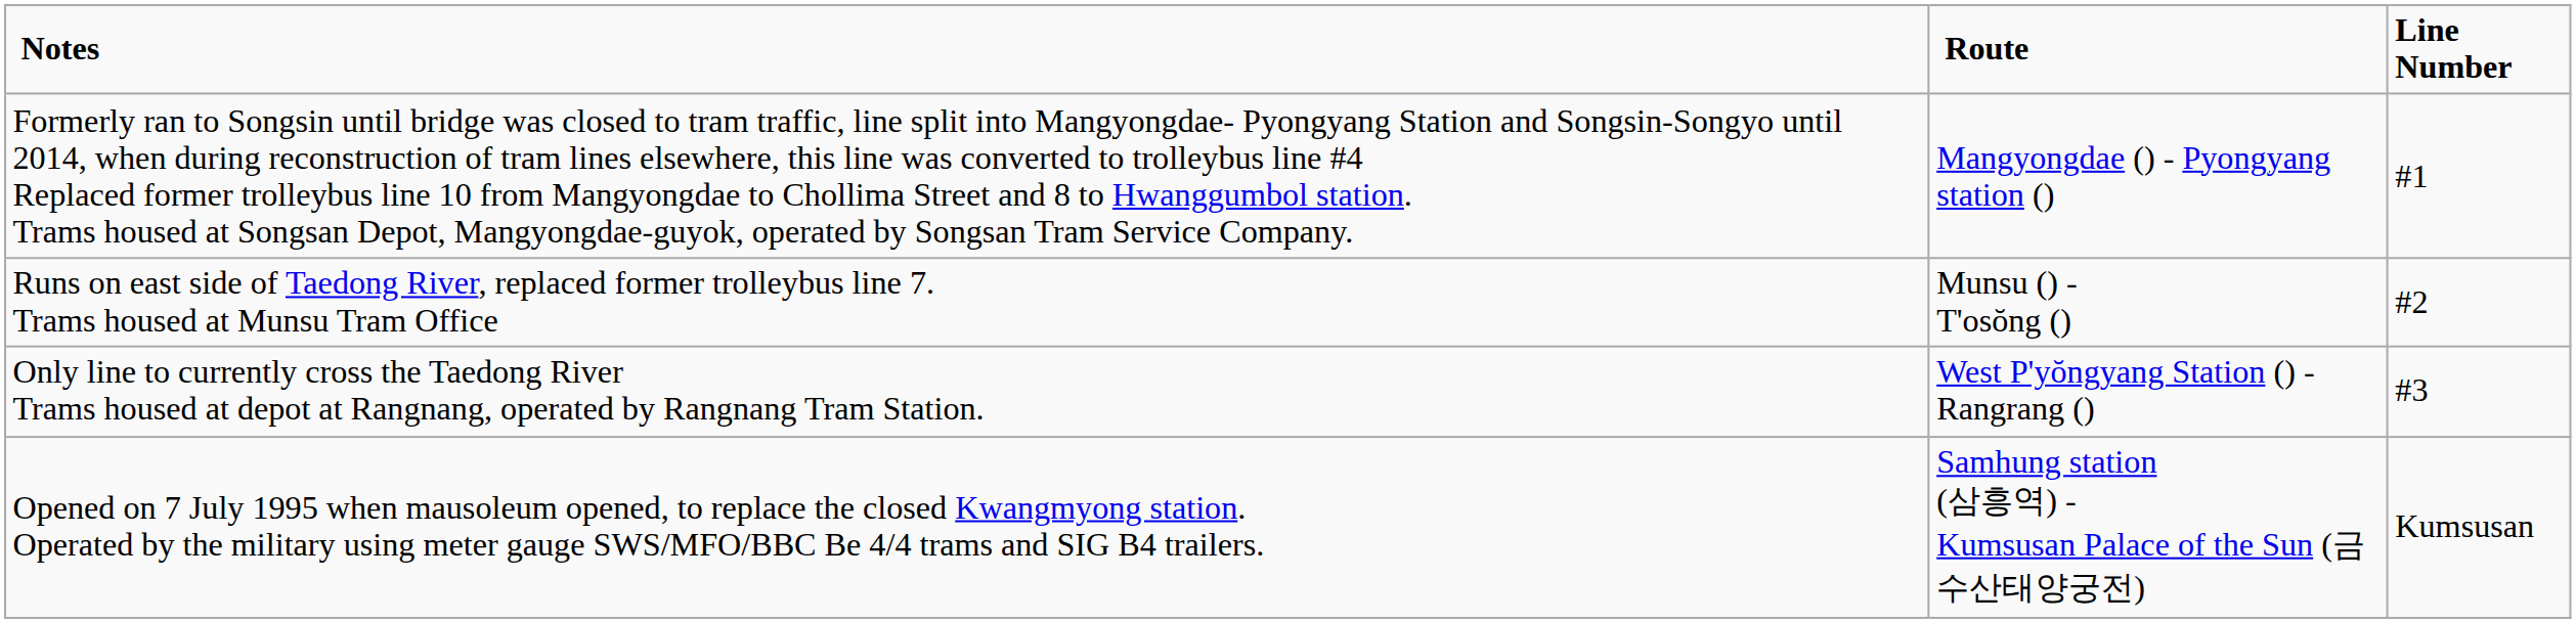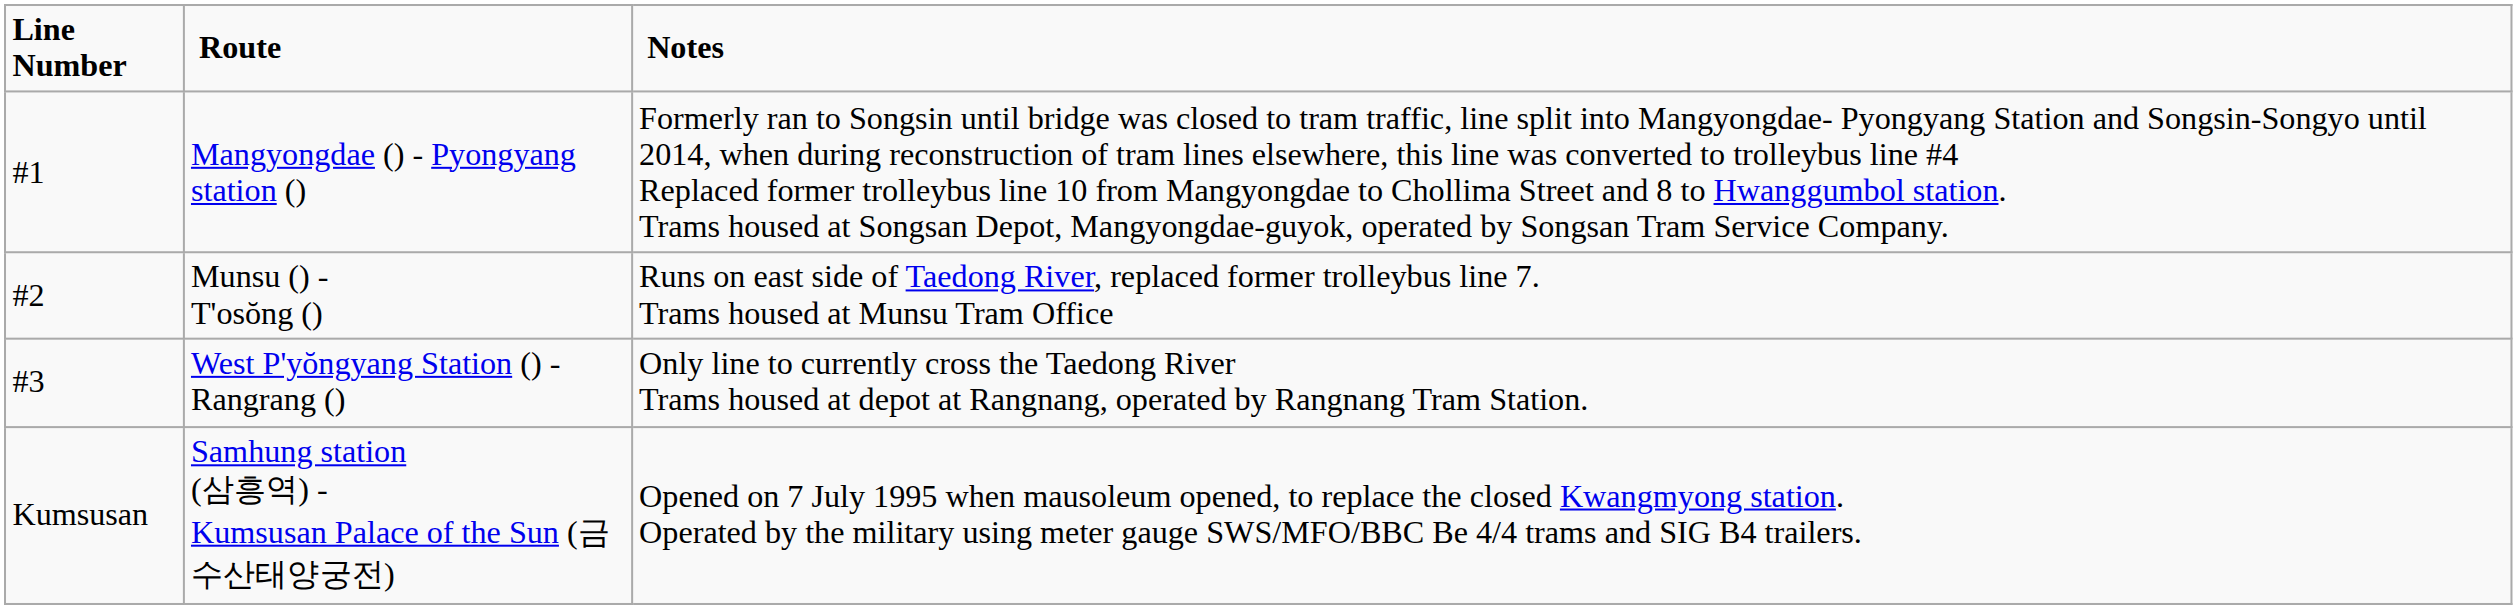 <table class="wikitable" style="border-collapse: collapse;">
 <tr>
+<td><strong><span>Line Number</span></strong></td>
+<td><strong><span> Route </span></strong></td>
 <td><strong><span> Notes </span></strong></td>
-<td><strong><span> Route </span></strong></td>
-<td><strong><span>Line Number</span></strong></td>
 </tr>
 <tr>
+<td>#1</td>
+<td><a href='#'>Mangyongdae</a> () -   <a href='#'>Pyongyang station</a> ()</td>
 <td>Formerly ran to Songsin until bridge was closed to tram traffic, line split into Mangyongdae- Pyongyang Station and Songsin-Songyo until 2014, when during reconstruction of tram lines elsewhere, this line was converted to trolleybus line #4<br>Replaced former trolleybus line 10 from Mangyongdae to Chollima Street and 8 to <a href='#'>Hwanggumbol station</a>.<br>Trams housed at Songsan Depot, Mangyongdae-guyok, operated by Songsan Tram Service Company.</td>
-<td><a href='#'>Mangyongdae</a> () -   <a href='#'>Pyongyang station</a> ()</td>
-<td>#1</td>
 </tr>
 <tr>
+<td>#2</td>
+<td>Munsu () -<br>T'osŏng ()</td>
 <td>Runs on east side of <a href='#'>Taedong River</a>, replaced former trolleybus line 7.<br>Trams housed at Munsu Tram Office</td>
-<td>Munsu () -<br>T'osŏng ()</td>
-<td>#2</td>
 </tr>
 <tr>
+<td>#3</td>
+<td><a href='#'>West P'yŏngyang Station</a> () -<br>Rangrang ()</td>
 <td>Only line to currently cross the Taedong River<br>Trams housed at depot at Rangnang, operated by Rangnang Tram Station.</td>
-<td><a href='#'>West P'yŏngyang Station</a> () -<br>Rangrang ()</td>
-<td>#3</td>
 </tr>
 <tr>
+<td>Kumsusan</td>
+<td><a href='#'>Samhung station</a><br>(삼흥역) -<br><a href='#'>Kumsusan Palace of the Sun</a> (금수산태양궁전)</td>
 <td>Opened on 7 July 1995 when mausoleum opened, to replace the closed <a href='#'>Kwangmyong station</a>.<br>Operated by the military using meter gauge SWS/MFO/BBC Be 4/4 trams and SIG B4 trailers.</td>
-<td><a href='#'>Samhung station</a><br>(삼흥역) -<br><a href='#'>Kumsusan Palace of the Sun</a> (금수산태양궁전)</td>
-<td>Kumsusan</td>
 </tr>
 </table>
